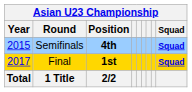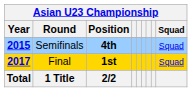 <table class="wikitable" style="text-align: center;">
 <tr>
 <th colspan=9><a href='#'>Asian U23 Championship</a></th>
 </tr>
 <tr>
 <th>Year</th>
 <th>Round</th>
 <th>Position</th>
 <th></th>
 <th></th>
 <th></th>
 <th></th>
 <th></th>
 <th><small>Squad</small></th>
 </tr>
 <tr bgcolor=9acdff>
-<td> <a href='#'>2015</a></td>
+<td><strong> <a href='#'>2015</a></strong></td>
 <td>Semifinals</td>
 <td><strong>4th</strong></td>
 <td></td>
 <td></td>
 <td></td>
 <td></td>
 <td></td>
-<td><strong><small><a href='#'>Squad</a></small></strong></td>
+<td><small><a href='#'>Squad</a></small></td>
 </tr>
 <tr bgcolor=gold>
-<td> <a href='#'>2017</a></td>
+<td><strong> <a href='#'>2017</a></strong></td>
 <td>Final</td>
 <td><strong>1st</strong></td>
 <td></td>
 <td></td>
 <td></td>
 <td></td>
 <td></td>
-<td><strong><small><a href='#'>Squad</a></small></strong></td>
+<td><small><a href='#'>Squad</a></small></td>
 </tr>
 <tr>
 <th>Total</th>
 <th>1 Title</th>
 <th>2/2</th>
 <th></th>
 <th></th>
 <th></th>
 <th></th>
 <th></th>
 <th></th>
 </tr>
 </table>
